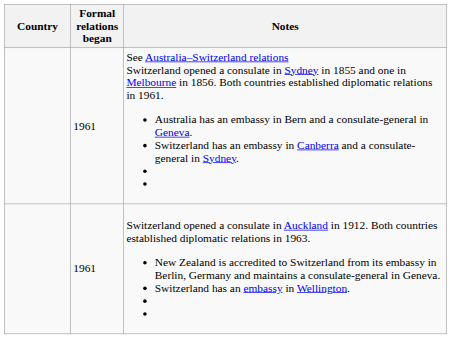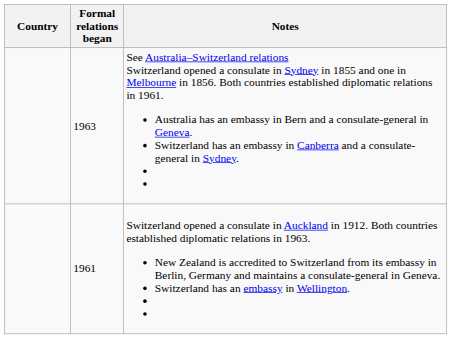 <table class="wikitable sortable" border="1" style="width:100%; margin:auto;">
 <tr>
 <th width="15%">Country</th>
 <th width="12%">Formal relations began</th>
 <th>Notes</th>
 </tr>
 <tr -valign="top">
 <td></td>
-<td>1961</td>
+<td>1963</td>
 <td>See <a href='#'>Australia–Switzerland relations</a><br>Switzerland opened a consulate in <a href='#'>Sydney</a> in 1855 and one in <a href='#'>Melbourne</a> in 1856. Both countries established diplomatic relations in 1961.<ul><li>Australia has an embassy in Bern and a consulate-general in <a href='#'>Geneva</a>.</li><li>Switzerland has an embassy in <a href='#'>Canberra</a> and a consulate-general in <a href='#'>Sydney</a>.</li><li></li><li></li></ul></td>
 </tr>
 <tr -valign="top">
 <td></td>
 <td>1961</td>
 <td><br>Switzerland opened a consulate in <a href='#'>Auckland</a> in 1912. Both countries established diplomatic relations in 1963.<ul><li>New Zealand is accredited to Switzerland from its embassy in Berlin, Germany and maintains a consulate-general in Geneva.</li><li>Switzerland has an <a href='#'>embassy</a> in <a href='#'>Wellington</a>.</li><li></li><li></li></ul></td>
 </tr>
 </table>
